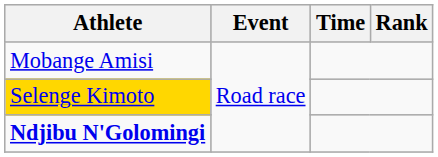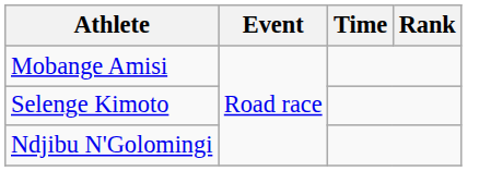 <table class="wikitable" style="font-size:90%">
 <tr>
 <th>Athlete</th>
 <th>Event</th>
 <th>Time</th>
 <th>Rank</th>
 </tr>
 <tr align=center>
 <td align=left><a href='#'>Mobange Amisi</a></td>
 <td align=left rowspan=3><a href='#'>Road race</a></td>
 <td colspan=2></td>
 </tr>
 <tr align=center>
-<td align=left style="background: gold;"><a href='#'>Selenge Kimoto</a></td>
+<td align=left><a href='#'>Selenge Kimoto</a></td>
 <td colspan=2></td>
 </tr>
 <tr align=center>
-<td align=left><strong><a href='#'>Ndjibu N'Golomingi</a></strong></td>
+<td align=left><a href='#'>Ndjibu N'Golomingi</a></td>
 <td colspan=2></td>
 </tr>
 </table>
